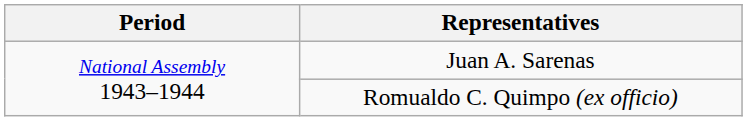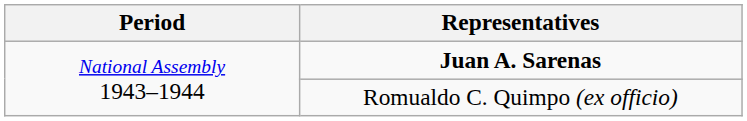 <table class="wikitable" style="text-align:center; width:40%;">
 <tr>
 <th width=40%>Period</th>
 <th>Representatives</th>
 </tr>
 <tr>
 <td rowspan=2><small><a href='#'><em>National Assembly</em></a></small><br>1943–1944</td>
-<td>Juan A. Sarenas</td>
+<td><strong>Juan A. Sarenas</strong></td>
 </tr>
 <tr>
 <td>Romualdo C. Quimpo <em>(ex officio)</em></td>
 </tr>
 </table>
